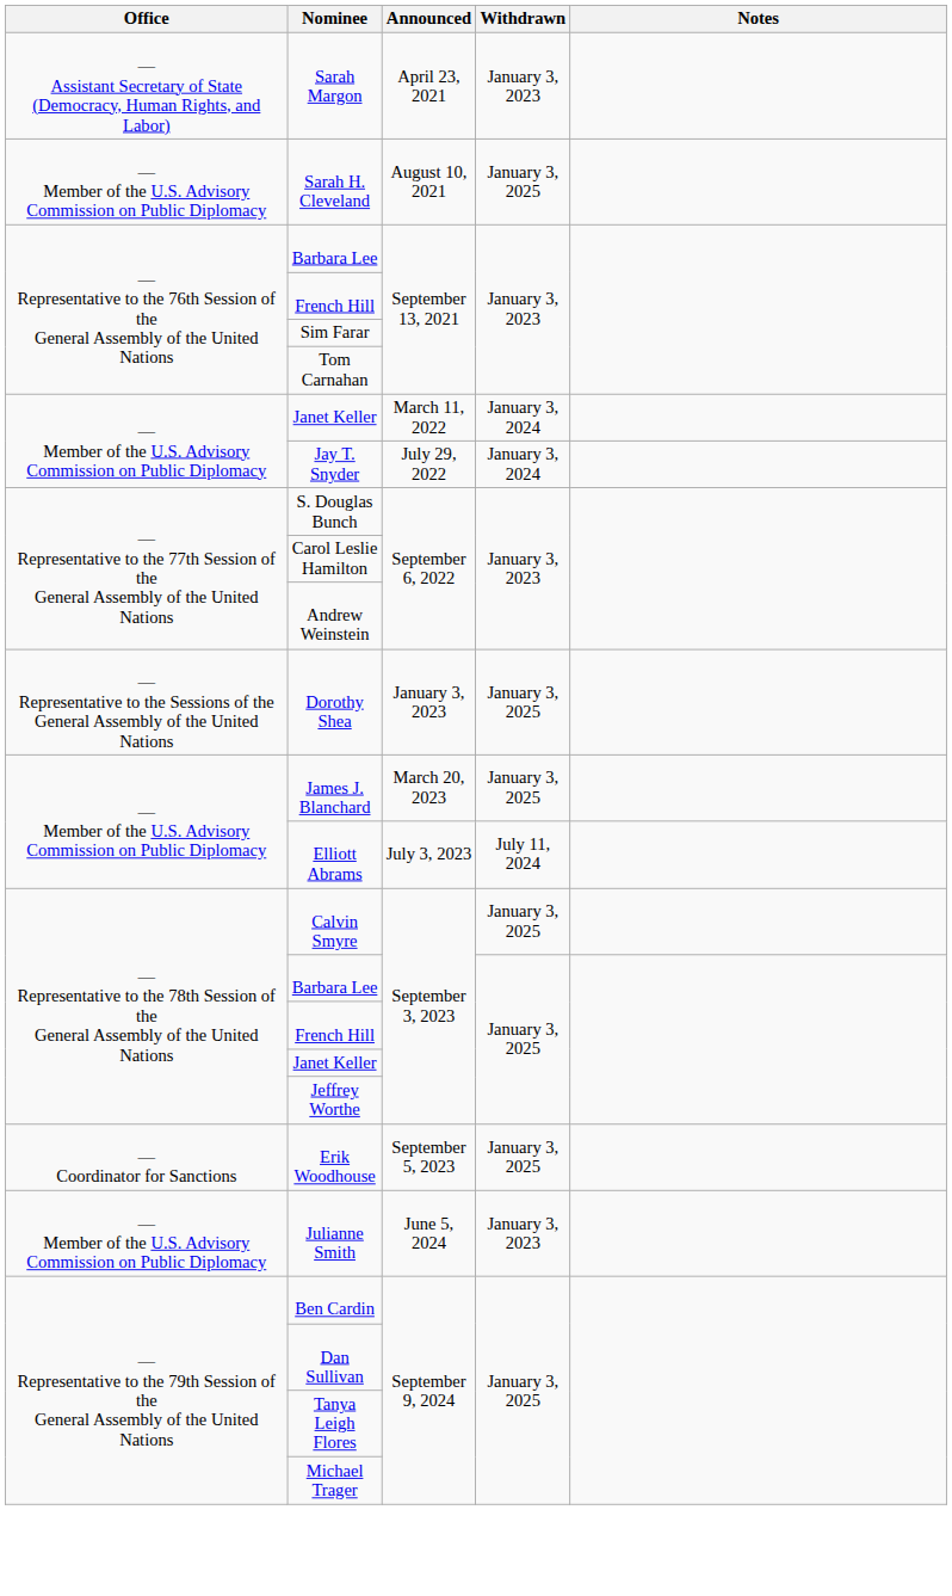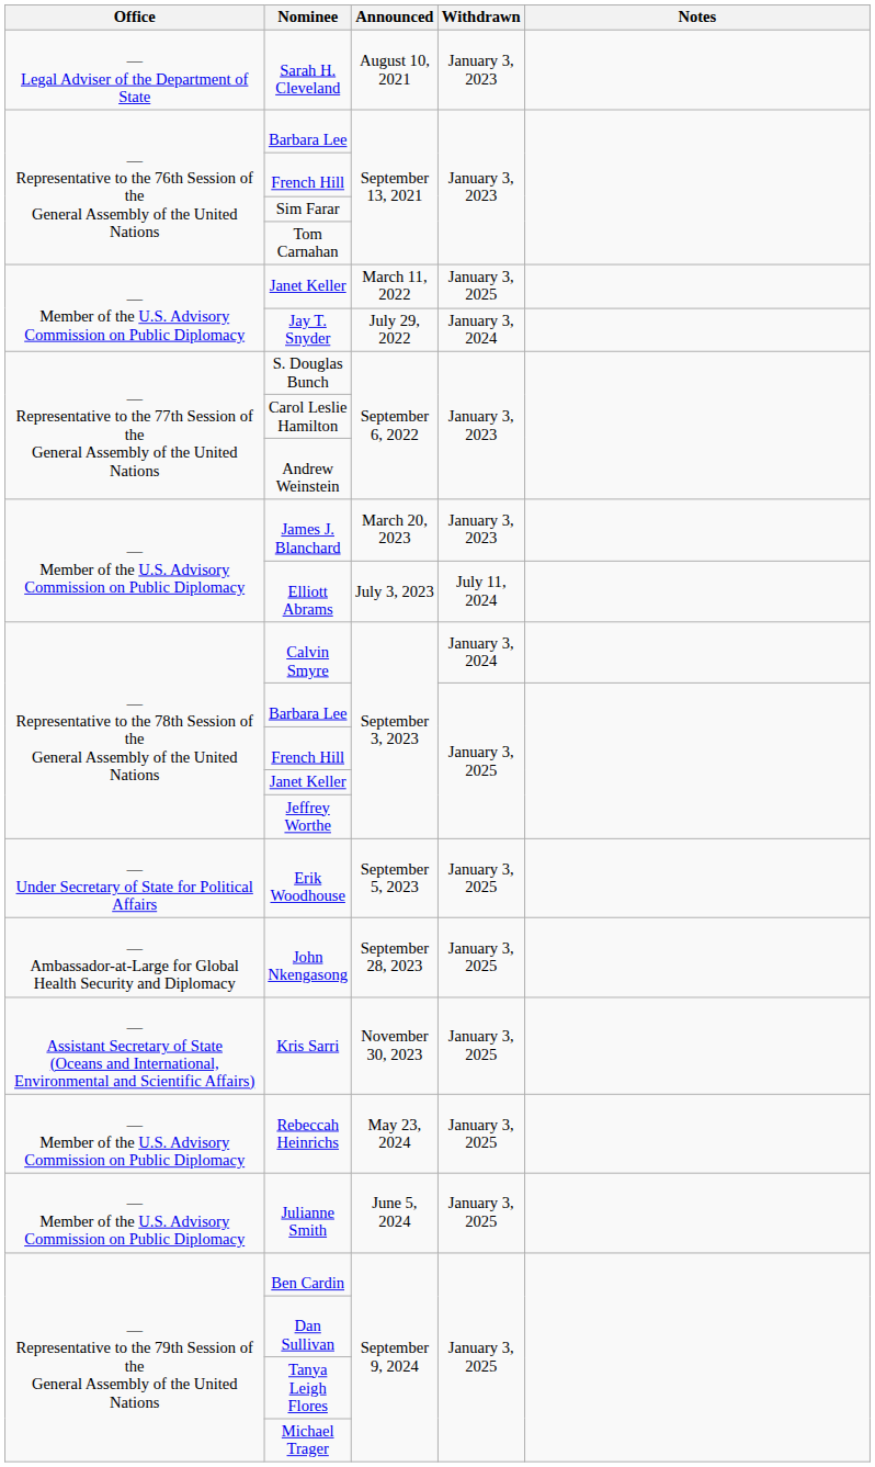 <table class="wikitable sortable" style="text-align:center">
 <tr>
 <th style="width:30%;">Office</th>
 <th style="width:10%;">Nominee</th>
 <th style="width:10%;" data-sort-type="date">Announced</th>
 <th style="width:10%;" data-sort-type="date">Withdrawn</th>
 <th style="width:50%;">Notes</th>
 </tr>
 <tr>
-<td><br>—<br><a href='#'>Assistant Secretary of State<br>(Democracy, Human Rights, and Labor)</a></td>
-<td><a href='#'>Sarah Margon</a></td>
-<td>April 23, 2021</td>
-<td>January 3, 2023</td>
-<td style="text-align:left; padding:1%;"></td>
-</tr>
-<tr>
-<td><br>—<br>Member of the <a href='#'>U.S. Advisory Commission on Public Diplomacy</a></td>
+<td><br>—<br><a href='#'>Legal Adviser of the Department of State</a></td>
 <td><br><a href='#'>Sarah H. Cleveland</a></td>
 <td>August 10, 2021</td>
-<td>January 3, 2025</td>
+<td>January 3, 2023</td>
 <td style="text-align:left; padding:1%;"></td>
 </tr>
 <tr>
 <td rowspan=4><br>—<br>Representative to the 76th Session of the<br>General Assembly of the United Nations</td>
 <td><br><a href='#'>Barbara Lee</a></td>
 <td rowspan=4>September 13, 2021</td>
 <td rowspan=4>January 3, 2023</td>
 <td rowspan=4 style="text-align:left; padding:1%;"></td>
 </tr>
 <tr>
 <td><br><a href='#'>French Hill</a></td>
 </tr>
 <tr>
 <td>Sim Farar</td>
 </tr>
 <tr>
 <td>Tom Carnahan</td>
 </tr>
 <tr>
 <td rowspan=2><br>—<br>Member of the <a href='#'>U.S. Advisory Commission on Public Diplomacy</a></td>
 <td><a href='#'>Janet Keller</a></td>
 <td>March 11, 2022</td>
-<td>January 3, 2024</td>
+<td>January 3, 2025</td>
 <td style="text-align:left; padding:1%;"></td>
 </tr>
 <tr>
 <td><a href='#'>Jay T. Snyder</a></td>
 <td>July 29, 2022</td>
 <td>January 3, 2024</td>
 <td style="text-align:left; padding:1%;"></td>
 </tr>
 <tr>
 <td rowspan=3><br>—<br>Representative to the 77th Session of the<br>General Assembly of the United Nations</td>
 <td>S. Douglas Bunch</td>
 <td rowspan=3>September 6, 2022</td>
 <td rowspan=3>January 3, 2023</td>
 <td rowspan=3 style="text-align:left; padding:1%;"></td>
 </tr>
 <tr>
 <td>Carol Leslie Hamilton</td>
 </tr>
 <tr>
 <td><br>Andrew Weinstein</td>
 </tr>
 <tr>
-<td><br>—<br>Representative to the Sessions of the<br>General Assembly of the United Nations</td>
-<td><br><a href='#'>Dorothy Shea</a></td>
-<td>January 3, 2023</td>
-<td>January 3, 2025</td>
-<td style="text-align:left; padding:1%;"></td>
-</tr>
-<tr>
 <td rowspan=2><br>—<br>Member of the <a href='#'>U.S. Advisory Commission on Public Diplomacy</a></td>
 <td><br><a href='#'>James J. Blanchard</a></td>
 <td>March 20, 2023</td>
-<td>January 3, 2025</td>
+<td>January 3, 2023</td>
 <td style="text-align:left; padding:1%;"></td>
 </tr>
 <tr>
 <td><br><a href='#'>Elliott Abrams</a></td>
 <td>July 3, 2023</td>
 <td>July 11, 2024</td>
 <td style="text-align:left; padding:1%;"></td>
 </tr>
 <tr>
 <td rowspan=5><br>—<br>Representative to the 78th Session of the<br>General Assembly of the United Nations</td>
 <td><br><a href='#'>Calvin Smyre</a></td>
 <td rowspan=5>September 3, 2023</td>
-<td>January 3, 2025</td>
+<td>January 3, 2024</td>
 <td style="text-align:left; padding:1%;"></td>
 </tr>
 <tr>
 <td><br><a href='#'>Barbara Lee</a></td>
 <td rowspan=4>January 3, 2025</td>
 <td rowspan=4 style="text-align:left; padding:1%;"></td>
 </tr>
 <tr>
 <td><br><a href='#'>French Hill</a></td>
 </tr>
 <tr>
 <td><a href='#'>Janet Keller</a></td>
 </tr>
 <tr>
 <td><a href='#'>Jeffrey Worthe</a></td>
 </tr>
 <tr>
-<td><br>—<br>Coordinator for Sanctions<br> </td>
+<td><br>—<br><a href='#'>Under Secretary of State for Political Affairs</a></td>
 <td><br><a href='#'>Erik Woodhouse</a></td>
 <td>September 5, 2023</td>
+<td>January 3, 2025</td>
+<td style="text-align:left; padding:1%;"></td>
+</tr>
+<tr>
+<td><br>—<br>Ambassador-at-Large for Global Health Security and Diplomacy</td>
+<td><br><a href='#'>John Nkengasong</a></td>
+<td>September 28, 2023</td>
+<td>January 3, 2025</td>
+<td style="text-align:left; padding:1%;"></td>
+</tr>
+<tr>
+<td><br>—<br><a href='#'>Assistant Secretary of State<br>(Oceans and International, Environmental  and Scientific Affairs)</a></td>
+<td><a href='#'>Kris Sarri</a></td>
+<td>November 30, 2023</td>
+<td>January 3, 2025</td>
+<td style="text-align:left; padding:1%;"></td>
+</tr>
+<tr>
+<td><br>—<br>Member of the <a href='#'>U.S. Advisory Commission on Public Diplomacy</a></td>
+<td><a href='#'>Rebeccah Heinrichs</a></td>
+<td>May 23, 2024</td>
 <td>January 3, 2025</td>
 <td style="text-align:left; padding:1%;"></td>
 </tr>
 <tr>
 <td><br>—<br>Member of the <a href='#'>U.S. Advisory Commission on Public Diplomacy</a></td>
 <td><br><a href='#'>Julianne Smith</a></td>
 <td>June 5, 2024</td>
-<td>January 3, 2023</td>
+<td>January 3, 2025</td>
 <td style="text-align:left; padding:1%;"></td>
 </tr>
 <tr>
 <td rowspan=4><br>—<br>Representative to the 79th Session of the<br>General Assembly of the United Nations</td>
 <td><br><a href='#'>Ben Cardin</a></td>
 <td rowspan=4>September 9, 2024</td>
 <td rowspan=4>January 3, 2025</td>
 <td rowspan=4 style="text-align:left; padding:1%;"></td>
 </tr>
 <tr>
 <td><br><a href='#'>Dan Sullivan</a></td>
 </tr>
 <tr>
 <td><a href='#'>Tanya Leigh Flores</a></td>
 </tr>
 <tr>
 <td><a href='#'>Michael Trager</a></td>
 </tr>
 </table>
